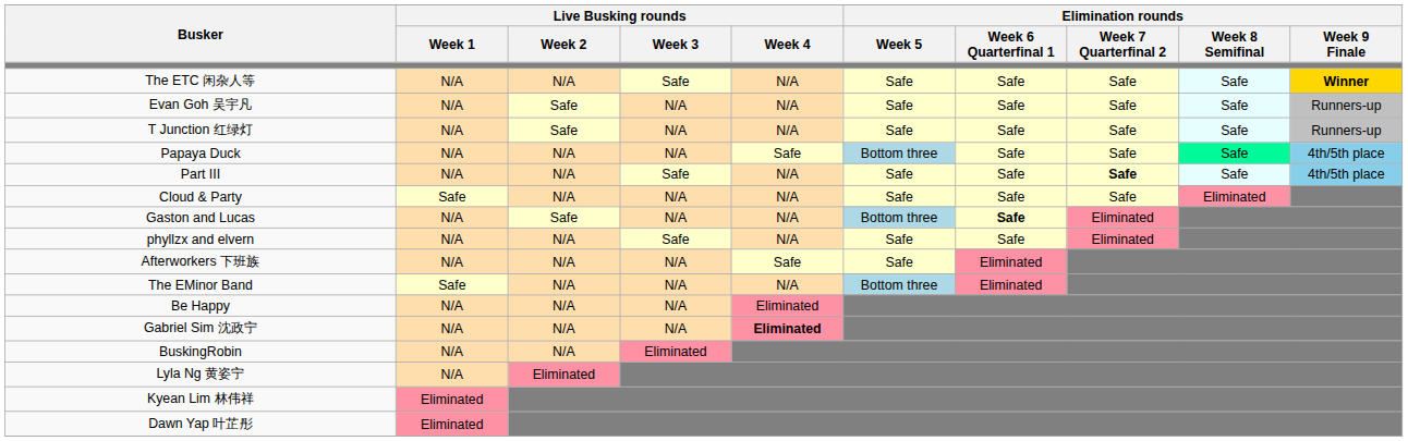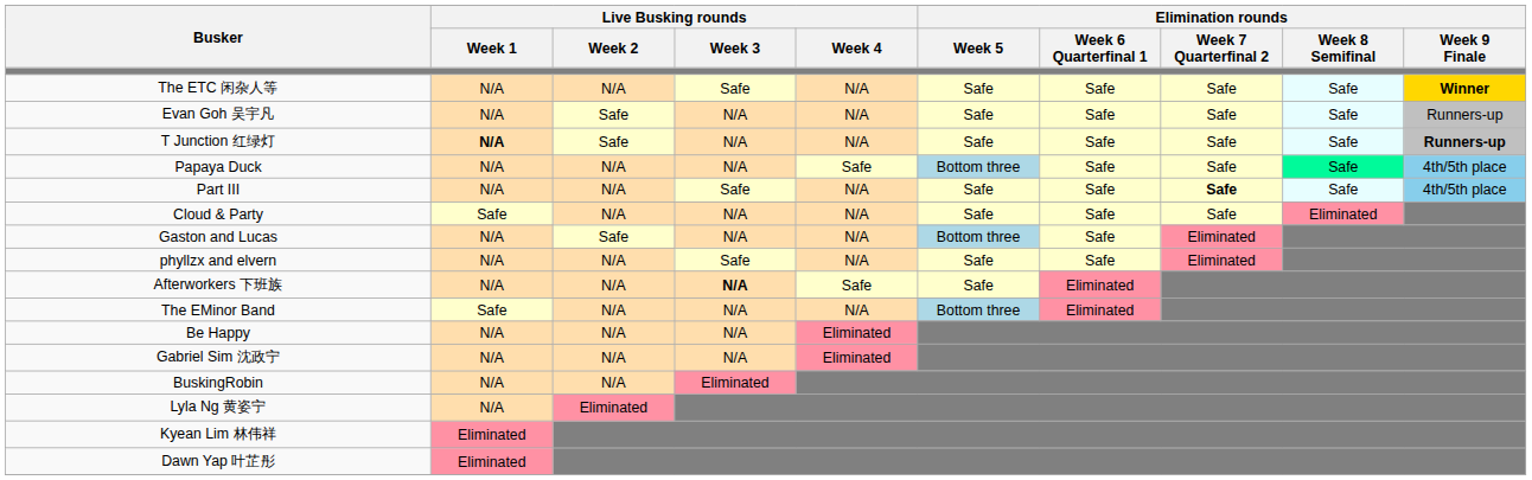 <table class="wikitable"  style="text-align:center; font-size:95%; width:100%;">
 <tr>
 </tr>
 <tr>
 <th rowspan=2>Busker</th>
 <th colspan=4>Live Busking rounds</th>
 <th colspan=5>Elimination rounds</th>
 </tr>
 <tr>
 <th style="width:8%;">Week 1</th>
 <th style="width:8%;">Week 2</th>
 <th style="width:8%;">Week 3</th>
 <th style="width:8%;">Week 4</th>
 <th style="width:8%;">Week 5</th>
 <th style="width:8%;">Week 6<br>Quarterfinal 1</th>
 <th style="width:8%;">Week 7<br>Quarterfinal 2</th>
 <th style="width:8%;">Week 8<br>Semifinal</th>
 <th style="width:8%;">Week 9<br>Finale</th>
 </tr>
 <tr>
 <th colspan="10" style="background:gray;"></th>
 </tr>
 <tr>
 <td>The ETC 闲杂人等</td>
 <td style="background:navajowhite; ">N/A</td>
 <td style="background:navajowhite; ">N/A</td>
 <td style="background:#FFFFCC">Safe</td>
 <td style="background:navajowhite; ">N/A</td>
 <td style="background:#FFFFCC">Safe</td>
 <td style="background:#FFFFCC">Safe</td>
 <td style="background:#FFFFCC">Safe</td>
 <td style="background:#E7FEFF">Safe</td>
 <td style="background:gold"><strong>Winner</strong></td>
 </tr>
 <tr>
 <td>Evan Goh 吴宇凡</td>
 <td style="background:navajowhite; ">N/A</td>
 <td style="background:#FFFFCC">Safe</td>
 <td style="background:navajowhite; ">N/A</td>
 <td style="background:navajowhite; ">N/A</td>
 <td style="background:#FFFFCC">Safe</td>
 <td style="background:#FFFFCC">Safe</td>
 <td style="background:#FFFFCC">Safe</td>
 <td style="background:#E7FEFF">Safe</td>
 <td style="background:silver">Runners-up</td>
 </tr>
 <tr>
 <td>T Junction 红绿灯</td>
-<td style="background:navajowhite; ">N/A</td>
+<td style="background:navajowhite; "><strong>N/A</strong></td>
 <td style="background:#FFFFCC">Safe</td>
 <td style="background:navajowhite; ">N/A</td>
 <td style="background:navajowhite; ">N/A</td>
 <td style="background:#FFFFCC">Safe</td>
 <td style="background:#FFFFCC">Safe</td>
 <td style="background:#FFFFCC">Safe</td>
 <td style="background:#E7FEFF">Safe</td>
-<td style="background:silver">Runners-up</td>
+<td style="background:silver"><strong>Runners-up</strong></td>
 </tr>
 <tr>
 <td>Papaya Duck</td>
 <td style="background:navajowhite; ">N/A</td>
 <td style="background:navajowhite; ">N/A</td>
 <td style="background:navajowhite; ">N/A</td>
 <td style="background:#FFFFCC">Safe</td>
 <td style="background:lightblue; ">Bottom three</td>
 <td style="background:#FFFFCC">Safe</td>
 <td style="background:#FFFFCC">Safe</td>
 <td style="background:#00FA9A;">Safe</td>
 <td style="background:skyblue;">4th/5th place</td>
 </tr>
 <tr>
 <td>Part III</td>
 <td style="background:navajowhite; ">N/A</td>
 <td style="background:navajowhite; ">N/A</td>
 <td style="background:#FFFFCC">Safe</td>
 <td style="background:navajowhite; ">N/A</td>
 <td style="background:#FFFFCC">Safe</td>
 <td style="background:#FFFFCC">Safe</td>
 <td style="background:#FFFFCC"><strong>Safe</strong></td>
 <td style="background:#E7FEFF">Safe</td>
 <td style="background:skyblue;">4th/5th place</td>
 </tr>
 <tr>
 <td>Cloud & Party</td>
 <td style="background:#FFFFCC">Safe</td>
 <td style="background:navajowhite; ">N/A</td>
 <td style="background:navajowhite; ">N/A</td>
 <td style="background:navajowhite; ">N/A</td>
 <td style="background:#FFFFCC">Safe</td>
 <td style="background:#FFFFCC">Safe</td>
 <td style="background:#FFFFCC">Safe</td>
 <td style="background:#FF91A4">Eliminated</td>
 <td colspan=99 style="background:grey;"></td>
 </tr>
 <tr>
 <td>Gaston and Lucas</td>
 <td style="background:navajowhite; ">N/A</td>
 <td style="background:#FFFFCC">Safe</td>
 <td style="background:navajowhite; ">N/A</td>
 <td style="background:navajowhite; ">N/A</td>
 <td style="background:lightblue; ">Bottom three</td>
-<td style="background:#FFFFCC"><strong>Safe</strong></td>
+<td style="background:#FFFFCC">Safe</td>
 <td style="background:#FF91A4">Eliminated</td>
 <td colspan=99 style="background:grey;"></td>
 </tr>
 <tr>
 <td>phyllzx and elvern</td>
 <td style="background:navajowhite; ">N/A</td>
 <td style="background:navajowhite; ">N/A</td>
 <td style="background:#FFFFCC">Safe</td>
 <td style="background:navajowhite; ">N/A</td>
 <td style="background:#FFFFCC">Safe</td>
 <td style="background:#FFFFCC">Safe</td>
 <td style="background:#FF91A4">Eliminated</td>
 <td colspan=99 style="background:grey;"></td>
 </tr>
 <tr>
 <td>Afterworkers 下班族</td>
 <td style="background:navajowhite; ">N/A</td>
 <td style="background:navajowhite; ">N/A</td>
-<td style="background:navajowhite; ">N/A</td>
+<td style="background:navajowhite; "><strong>N/A</strong></td>
 <td style="background:#FFFFCC">Safe</td>
 <td style="background:#FFFFCC">Safe</td>
 <td style="background:#FF91A4">Eliminated</td>
 <td colspan=99 style="background:grey;"></td>
 </tr>
 <tr>
 <td>The EMinor Band</td>
 <td style="background:#FFFFCC">Safe</td>
 <td style="background:navajowhite; ">N/A</td>
 <td style="background:navajowhite; ">N/A</td>
 <td style="background:navajowhite; ">N/A</td>
 <td style="background:lightblue; ">Bottom three</td>
 <td style="background:#FF91A4">Eliminated</td>
 <td colspan=99 style="background:grey;"></td>
 </tr>
 <tr>
 <td>Be Happy</td>
 <td style="background:navajowhite; ">N/A</td>
 <td style="background:navajowhite; ">N/A</td>
 <td style="background:navajowhite; ">N/A</td>
 <td style="background:#FF91A4">Eliminated</td>
 <td colspan=99 style="background:grey;"></td>
 </tr>
 <tr>
 <td>Gabriel Sim 沈政宁</td>
 <td style="background:navajowhite; ">N/A</td>
 <td style="background:navajowhite; ">N/A</td>
 <td style="background:navajowhite; ">N/A</td>
-<td style="background:#FF91A4"><strong>Eliminated</strong></td>
+<td style="background:#FF91A4">Eliminated</td>
 <td colspan=99 style="background:grey;"></td>
 </tr>
 <tr>
 <td>BuskingRobin</td>
 <td style="background:navajowhite; ">N/A</td>
 <td style="background:navajowhite; ">N/A</td>
 <td style="background:#FF91A4">Eliminated</td>
 <td colspan=99 style="background:grey;"></td>
 </tr>
 <tr>
 <td>Lyla Ng 黄姿宁</td>
 <td style="background:navajowhite; ">N/A</td>
 <td style="background:#FF91A4">Eliminated</td>
 <td colspan=99 style="background:grey;"></td>
 </tr>
 <tr>
 <td>Kyean Lim 林伟祥</td>
 <td style="background:#FF91A4">Eliminated</td>
 <td colspan=99 style="background:grey;"></td>
 </tr>
 <tr>
 <td>Dawn Yap 叶芷彤</td>
 <td style="background:#FF91A4">Eliminated</td>
 <td colspan=99 style="background:grey;"></td>
 </tr>
 <tr>
 </tr>
 </table>
